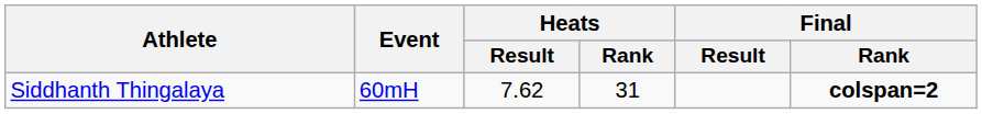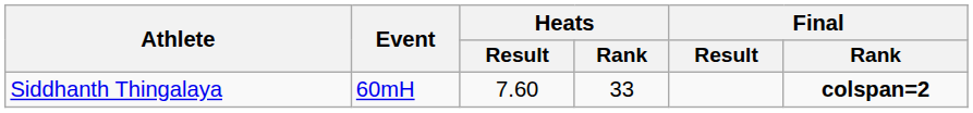 <table class="wikitable" style="font-size:90%; width:50%">
 <tr>
 <th rowspan="2">Athlete</th>
 <th rowspan="2">Event</th>
 <th colspan="2">Heats</th>
 <th colspan="2">Final</th>
 </tr>
 <tr style="font-size:95%">
 <th>Result</th>
 <th>Rank</th>
 <th>Result</th>
 <th>Rank</th>
 </tr>
 <tr style="text-align:center">
 <td style="text-align:left"><a href='#'>Siddhanth Thingalaya</a></td>
 <td style="text-align:left"><a href='#'>60mH</a></td>
-<td>7.62</td>
-<td>31</td>
+<td>7.60</td>
+<td>33</td>
 <td></td>
 <td><strong>colspan=2 </strong></td>
 </tr>
 </table>
